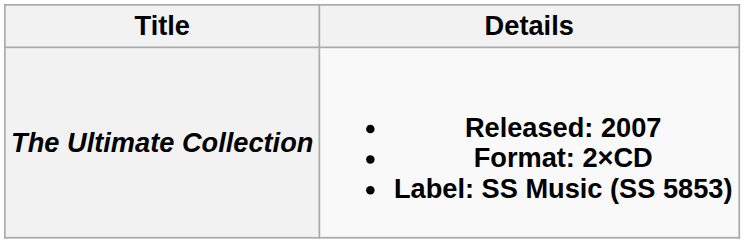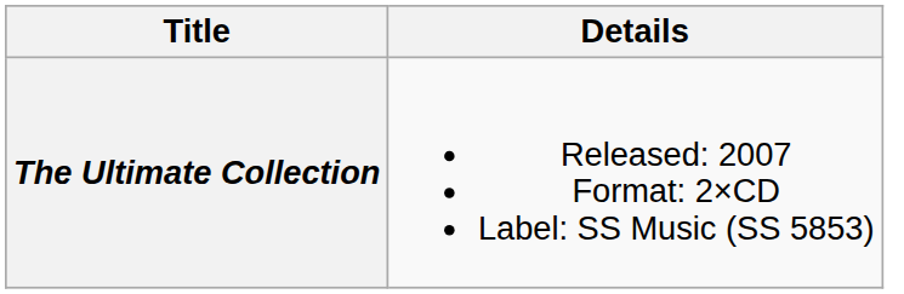 <table class="wikitable plainrowheaders" style="text-align:center;" border="1">
 <tr>
 <th>Title</th>
 <th>Details</th>
 </tr>
 <tr>
 <th scope="row"><em>The Ultimate Collection</em></th>
-<td><strong><br><ul><li>Released: 2007</li><li>Format: 2×CD</li><li>Label: SS Music (SS 5853)</li></ul></strong></td>
+<td><br><ul><li>Released: 2007</li><li>Format: 2×CD</li><li>Label: SS Music (SS 5853)</li></ul></td>
 </tr>
 </table>
